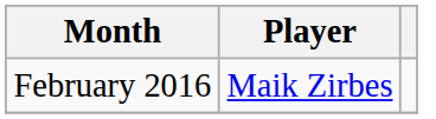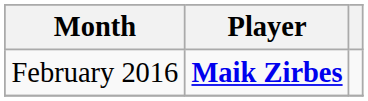 <table class="wikitable" style="text-align: center;">
 <tr>
 <th>Month</th>
 <th>Player</th>
 <th></th>
 </tr>
 <tr>
 <td>February 2016</td>
-<td align="left"> <a href='#'>Maik Zirbes</a></td>
+<td align="left"><strong> <a href='#'>Maik Zirbes</a></strong></td>
 <td></td>
 </tr>
 <tr>
 </tr>
 </table>
